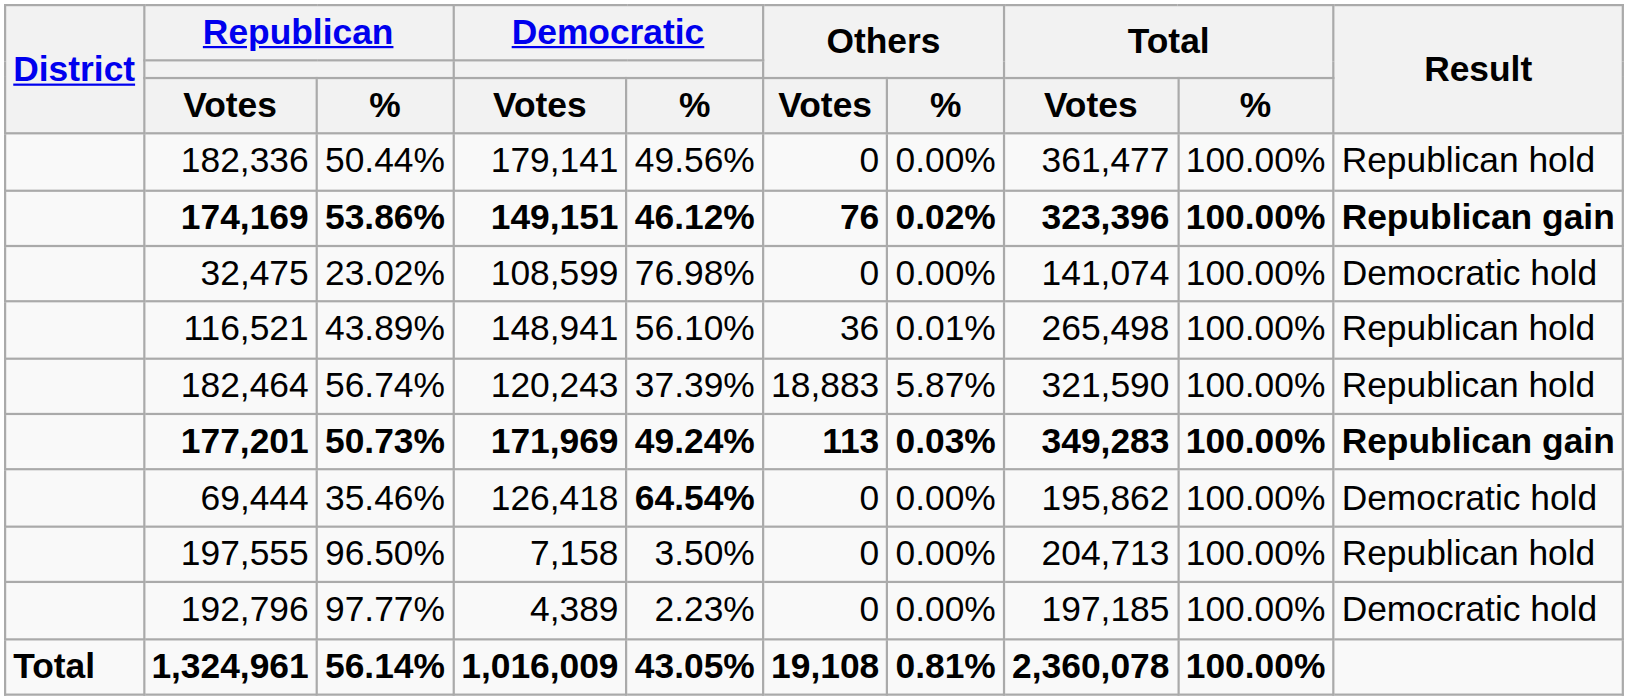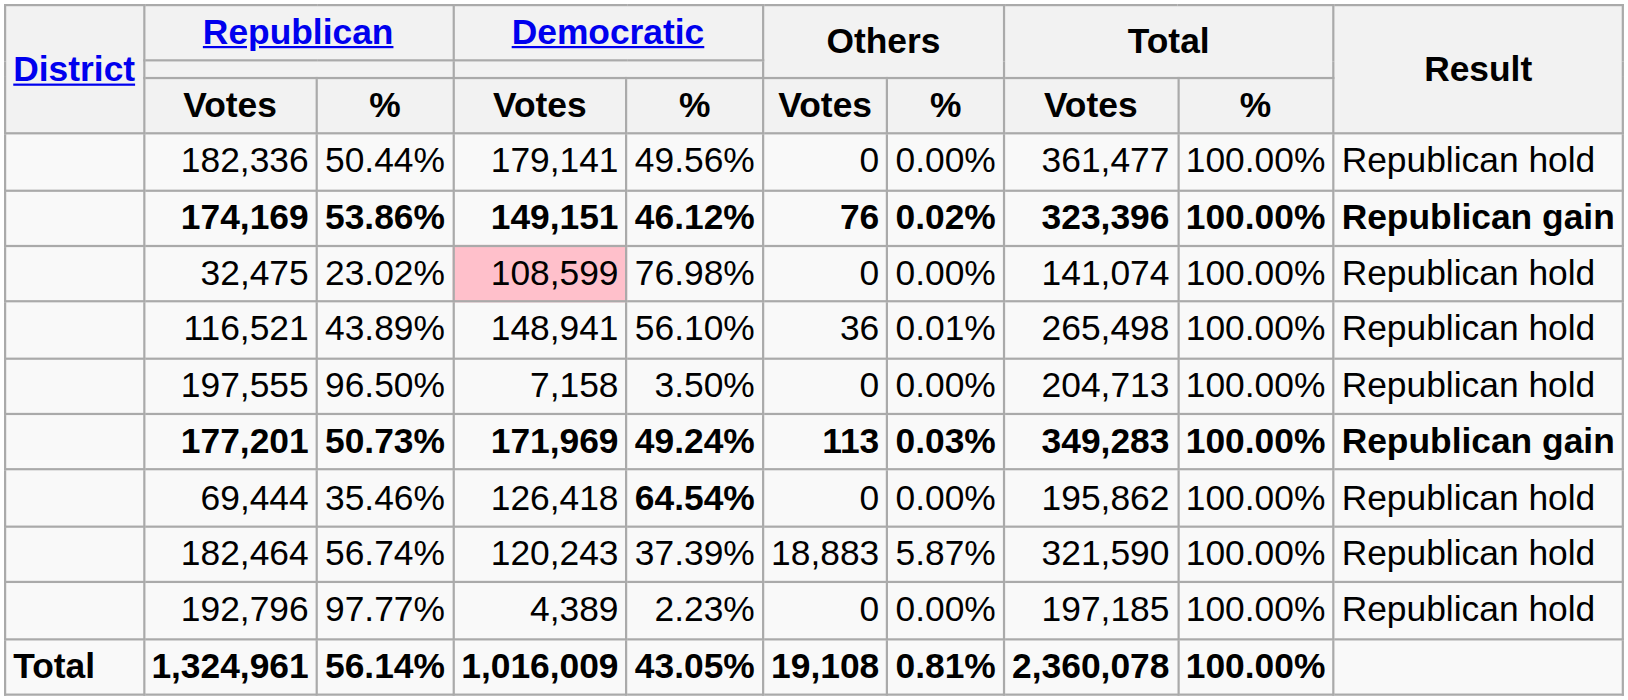 <table class="wikitable plainrowheaders sortable" style="font-size:100%; text-align:right;">
 <tr>
 <th scope=col rowspan=3><a href='#'>District</a></th>
 <th scope=col colspan=2><a href='#'>Republican</a></th>
 <th scope=col colspan=2><a href='#'>Democratic</a></th>
 <th scope=col colspan=2 rowspan=2>Others</th>
 <th scope=col colspan=2 rowspan=2>Total</th>
 <th scope=col rowspan=3>Result</th>
 </tr>
 <tr>
 <th scope=col colspan=2 style="background:"></th>
 <th scope=col colspan=2 style="background:"></th>
 </tr>
 <tr>
 <th scope=col data-sort-type="number">Votes</th>
 <th scope=col data-sort-type="number">%</th>
 <th scope=col data-sort-type="number">Votes</th>
 <th scope=col data-sort-type="number">%</th>
 <th scope=col data-sort-type="number">Votes</th>
 <th scope=col data-sort-type="number">%</th>
 <th scope=col data-sort-type="number">Votes</th>
 <th scope=col data-sort-type="number">%</th>
 </tr>
 <tr>
 <td align=left></td>
 <td>182,336</td>
 <td>50.44%</td>
 <td>179,141</td>
 <td>49.56%</td>
 <td>0</td>
 <td>0.00%</td>
 <td>361,477</td>
 <td>100.00%</td>
 <td align=left>Republican hold</td>
 </tr>
 <tr>
 <td align=left><strong></strong></td>
 <td><strong>174,169</strong></td>
 <td><strong>53.86%</strong></td>
 <td><strong>149,151</strong></td>
 <td><strong>46.12%</strong></td>
 <td><strong>76</strong></td>
 <td><strong>0.02%</strong></td>
 <td><strong>323,396</strong></td>
 <td><strong>100.00%</strong></td>
 <td align=left><strong>Republican gain</strong></td>
 </tr>
 <tr>
 <td align=left></td>
 <td>32,475</td>
 <td>23.02%</td>
-<td>108,599</td>
+<td style="background: pink;">108,599</td>
 <td>76.98%</td>
 <td>0</td>
 <td>0.00%</td>
 <td>141,074</td>
 <td>100.00%</td>
-<td align=left>Democratic hold</td>
+<td align=left>Republican hold</td>
 </tr>
 <tr>
 <td align=left></td>
 <td>116,521</td>
 <td>43.89%</td>
 <td>148,941</td>
 <td>56.10%</td>
 <td>36</td>
 <td>0.01%</td>
 <td>265,498</td>
 <td>100.00%</td>
 <td align=left>Republican hold</td>
 </tr>
 <tr>
 <td align=left></td>
-<td>182,464</td>
-<td>56.74%</td>
-<td>120,243</td>
-<td>37.39%</td>
-<td>18,883</td>
-<td>5.87%</td>
-<td>321,590</td>
+<td>197,555</td>
+<td>96.50%</td>
+<td>7,158</td>
+<td>3.50%</td>
+<td>0</td>
+<td>0.00%</td>
+<td>204,713</td>
 <td>100.00%</td>
 <td align=left>Republican hold</td>
 </tr>
 <tr>
 <td align=left><strong></strong></td>
 <td><strong>177,201</strong></td>
 <td><strong>50.73%</strong></td>
 <td><strong>171,969</strong></td>
 <td><strong>49.24%</strong></td>
 <td><strong>113</strong></td>
 <td><strong>0.03%</strong></td>
 <td><strong>349,283</strong></td>
 <td><strong>100.00%</strong></td>
 <td align=left><strong>Republican gain</strong></td>
 </tr>
 <tr>
 <td align=left></td>
 <td>69,444</td>
 <td>35.46%</td>
 <td>126,418</td>
 <td><strong>64.54%</strong></td>
 <td>0</td>
 <td>0.00%</td>
 <td>195,862</td>
 <td>100.00%</td>
-<td align=left>Democratic hold</td>
+<td align=left>Republican hold</td>
 </tr>
 <tr>
 <td align=left></td>
-<td>197,555</td>
-<td>96.50%</td>
-<td>7,158</td>
-<td>3.50%</td>
-<td>0</td>
-<td>0.00%</td>
-<td>204,713</td>
+<td>182,464</td>
+<td>56.74%</td>
+<td>120,243</td>
+<td>37.39%</td>
+<td>18,883</td>
+<td>5.87%</td>
+<td>321,590</td>
 <td>100.00%</td>
 <td align=left>Republican hold</td>
 </tr>
 <tr>
 <td align=left></td>
 <td>192,796</td>
 <td>97.77%</td>
 <td>4,389</td>
 <td>2.23%</td>
 <td>0</td>
 <td>0.00%</td>
 <td>197,185</td>
 <td>100.00%</td>
-<td align=left>Democratic hold</td>
+<td align=left>Republican hold</td>
 </tr>
 <tr class="sortbottom" style="font-weight:bold">
 <td align=left>Total</td>
 <td>1,324,961</td>
 <td>56.14%</td>
 <td>1,016,009</td>
 <td>43.05%</td>
 <td>19,108</td>
 <td>0.81%</td>
 <td>2,360,078</td>
 <td>100.00%</td>
 <td></td>
 </tr>
 </table>
